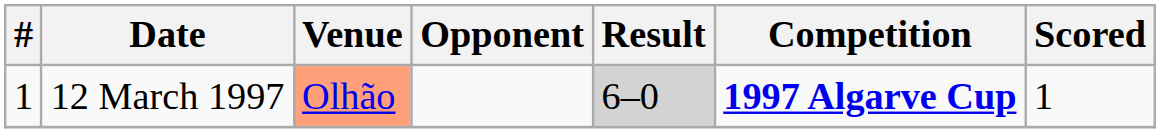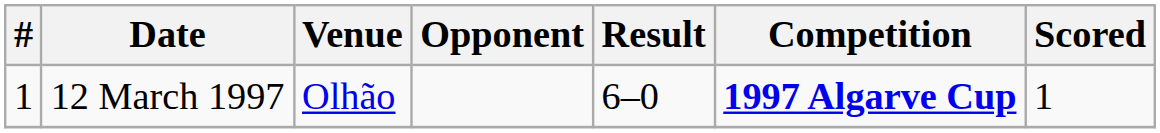 <table class="wikitable">
 <tr>
 <th>#</th>
 <th>Date</th>
 <th>Venue</th>
 <th>Opponent</th>
 <th>Result</th>
 <th>Competition</th>
 <th>Scored</th>
 </tr>
 <tr>
 <td>1</td>
 <td>12 March 1997</td>
-<td style="background: lightsalmon;"><a href='#'>Olhão</a></td>
+<td><a href='#'>Olhão</a></td>
 <td></td>
-<td style="background: lightgrey;">6–0</td>
+<td>6–0</td>
 <td><strong><a href='#'>1997 Algarve Cup</a></strong></td>
 <td>1</td>
 </tr>
 <tr>
 </tr>
 </table>
